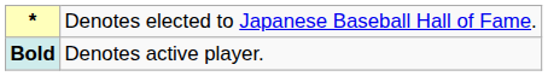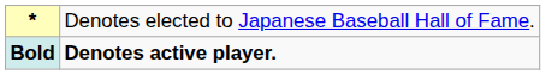 <table class="wikitable" style="font-size:100%;">
 <tr>
 <th scope="row" style="background-color:#ffffbb">*</th>
 <td>Denotes elected to <a href='#'>Japanese Baseball Hall of Fame</a>.</td>
 </tr>
 <tr>
 <th scope="row" style="background:#cfecec;"><strong>Bold</strong></th>
-<td>Denotes active player.</td>
+<td><strong>Denotes active player.</strong></td>
 </tr>
 </table>
